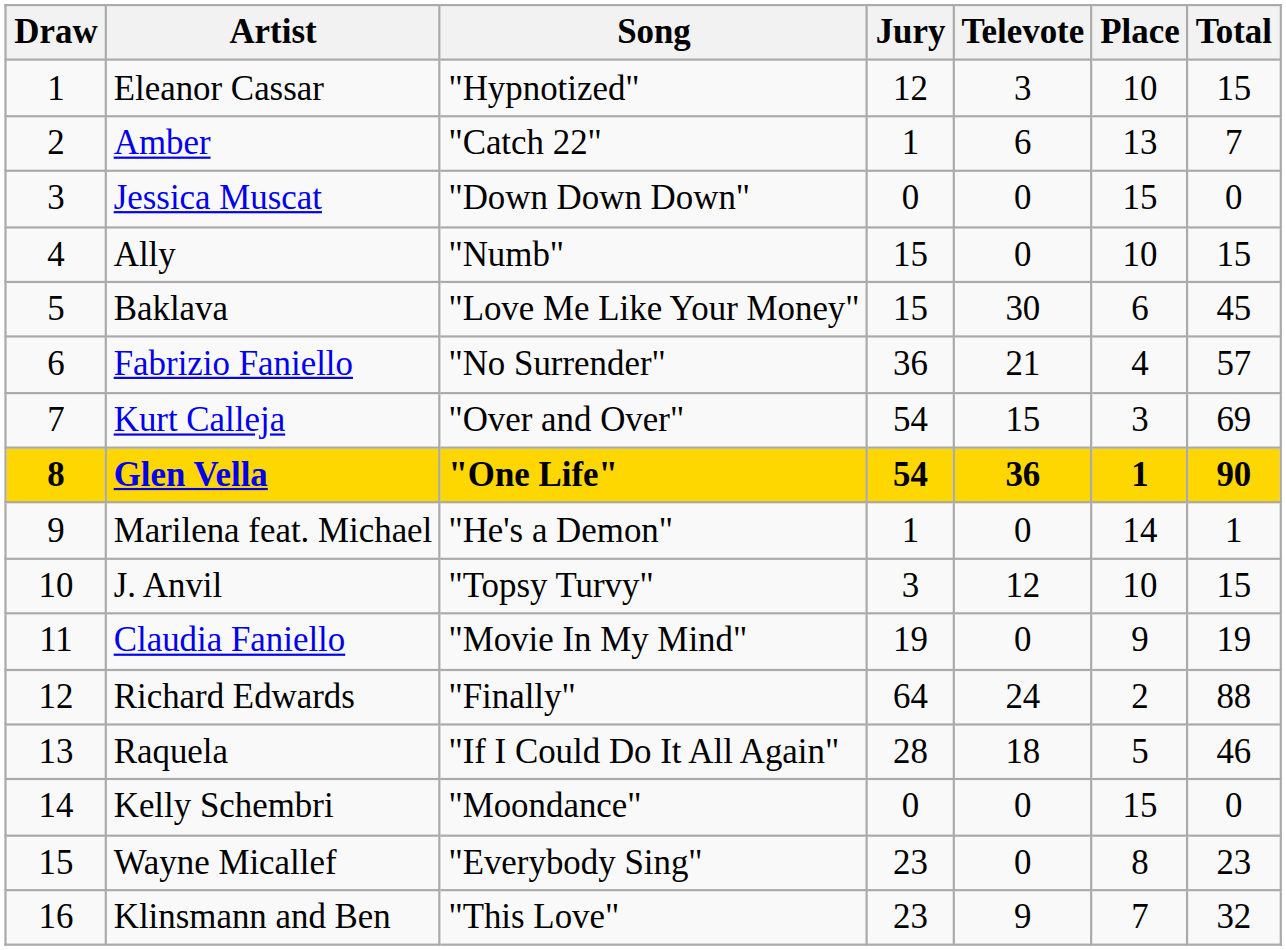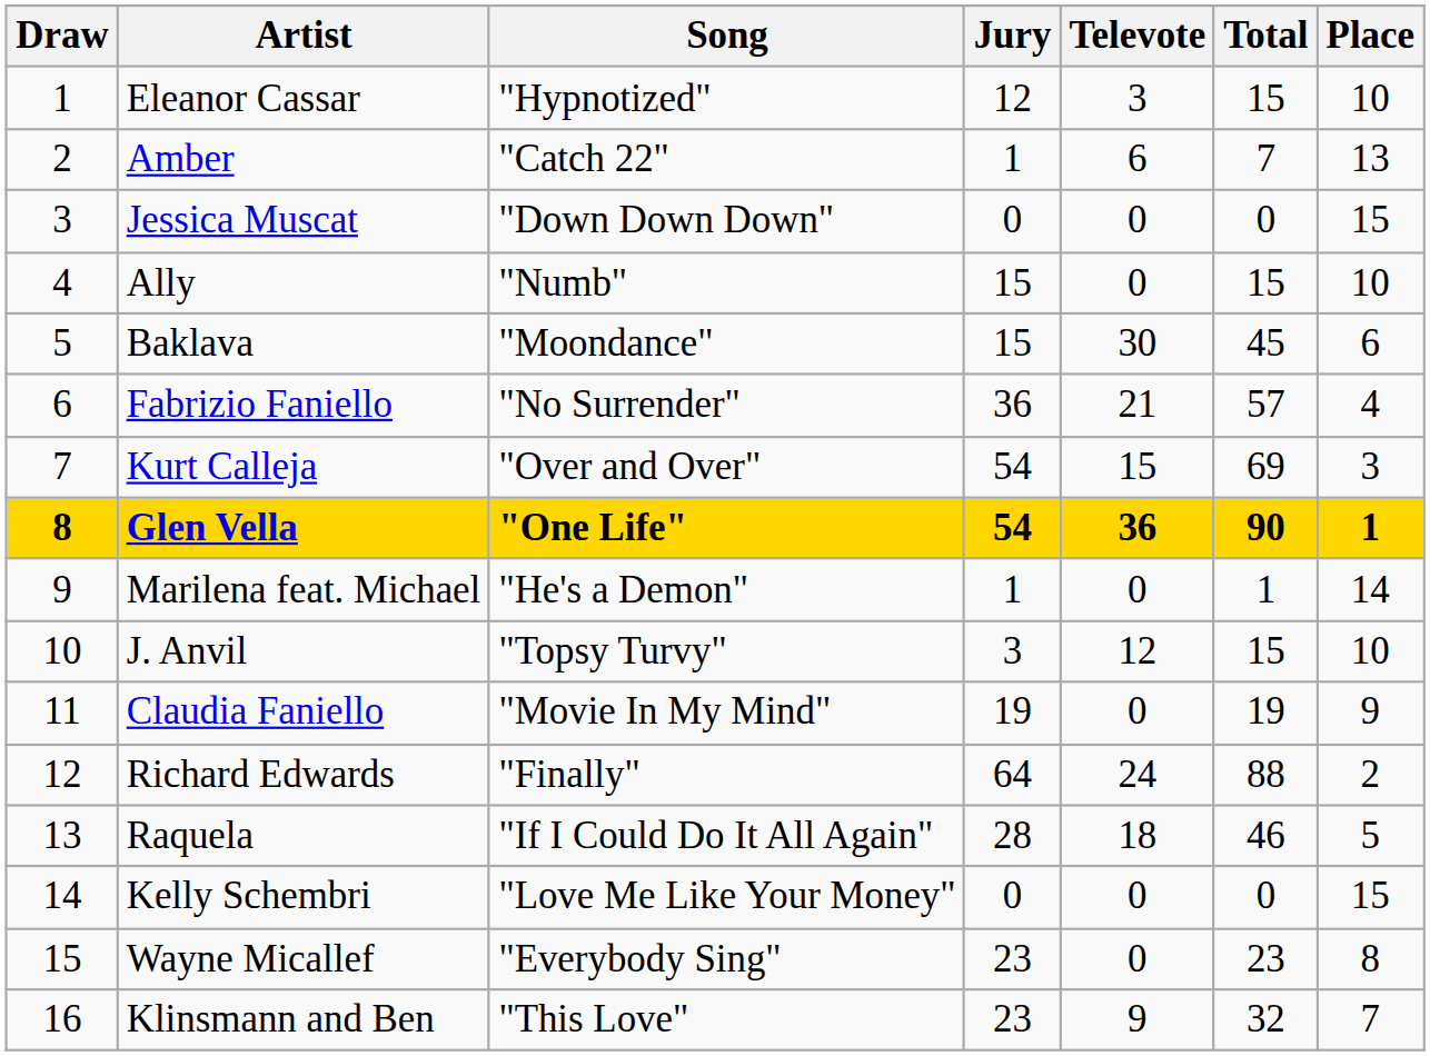 <table class="sortable wikitable" style="margin: 1em auto 1em auto; text-align:center">
 <tr>
 <th>Draw</th>
 <th>Artist</th>
 <th>Song</th>
 <th>Jury</th>
 <th>Televote</th>
+<th>Total</th>
 <th>Place</th>
-<th>Total</th>
 </tr>
 <tr>
 <td>1</td>
 <td align="left">Eleanor Cassar</td>
 <td align="left">"Hypnotized"</td>
 <td>12</td>
 <td>3</td>
+<td>15</td>
 <td>10</td>
-<td>15</td>
 </tr>
 <tr>
 <td>2</td>
 <td align="left"><a href='#'>Amber</a></td>
 <td align="left">"Catch 22"</td>
 <td>1</td>
 <td>6</td>
+<td>7</td>
 <td>13</td>
-<td>7</td>
 </tr>
 <tr>
 <td>3</td>
 <td align="left"><a href='#'>Jessica Muscat</a></td>
 <td align="left">"Down Down Down"</td>
 <td>0</td>
 <td>0</td>
+<td>0</td>
 <td>15</td>
-<td>0</td>
 </tr>
 <tr>
 <td>4</td>
 <td align="left">Ally</td>
 <td align="left">"Numb"</td>
 <td>15</td>
 <td>0</td>
+<td>15</td>
 <td>10</td>
-<td>15</td>
 </tr>
 <tr>
 <td>5</td>
 <td align="left">Baklava</td>
-<td align="left">"Love Me Like Your Money"</td>
+<td align="left">"Moondance"</td>
 <td>15</td>
 <td>30</td>
+<td>45</td>
 <td>6</td>
-<td>45</td>
 </tr>
 <tr>
 <td>6</td>
 <td align="left"><a href='#'>Fabrizio Faniello</a></td>
 <td align="left">"No Surrender"</td>
 <td>36</td>
 <td>21</td>
+<td>57</td>
 <td>4</td>
-<td>57</td>
 </tr>
 <tr>
 <td>7</td>
 <td align="left"><a href='#'>Kurt Calleja</a></td>
 <td align="left">"Over and Over"</td>
 <td>54</td>
 <td>15</td>
+<td>69</td>
 <td>3</td>
-<td>69</td>
 </tr>
 <tr style="font-weight:bold; background:gold">
 <td>8</td>
 <td align="left"><a href='#'>Glen Vella</a></td>
 <td align="left">"One Life"</td>
 <td>54</td>
 <td>36</td>
+<td>90</td>
 <td>1</td>
-<td>90</td>
 </tr>
 <tr>
 <td>9</td>
 <td align="left">Marilena feat. Michael</td>
 <td align="left">"He's a Demon"</td>
 <td>1</td>
 <td>0</td>
+<td>1</td>
 <td>14</td>
-<td>1</td>
 </tr>
 <tr>
 <td>10</td>
 <td align="left">J. Anvil</td>
 <td align="left">"Topsy Turvy"</td>
 <td>3</td>
 <td>12</td>
+<td>15</td>
 <td>10</td>
-<td>15</td>
 </tr>
 <tr>
 <td>11</td>
 <td align="left"><a href='#'>Claudia Faniello</a></td>
 <td align="left">"Movie In My Mind"</td>
 <td>19</td>
 <td>0</td>
+<td>19</td>
 <td>9</td>
-<td>19</td>
 </tr>
 <tr>
 <td>12</td>
 <td align="left">Richard Edwards</td>
 <td align="left">"Finally"</td>
 <td>64</td>
 <td>24</td>
+<td>88</td>
 <td>2</td>
-<td>88</td>
 </tr>
 <tr>
 <td>13</td>
 <td align="left">Raquela</td>
 <td align="left">"If I Could Do It All Again"</td>
 <td>28</td>
 <td>18</td>
+<td>46</td>
 <td>5</td>
-<td>46</td>
 </tr>
 <tr>
 <td>14</td>
 <td align="left">Kelly Schembri</td>
-<td align="left">"Moondance"</td>
+<td align="left">"Love Me Like Your Money"</td>
+<td>0</td>
 <td>0</td>
 <td>0</td>
 <td>15</td>
-<td>0</td>
 </tr>
 <tr>
 <td>15</td>
 <td align="left">Wayne Micallef</td>
 <td align="left">"Everybody Sing"</td>
 <td>23</td>
 <td>0</td>
+<td>23</td>
 <td>8</td>
-<td>23</td>
 </tr>
 <tr>
 <td>16</td>
 <td align="left">Klinsmann and Ben</td>
 <td align="left">"This Love"</td>
 <td>23</td>
 <td>9</td>
+<td>32</td>
 <td>7</td>
-<td>32</td>
 </tr>
 </table>
